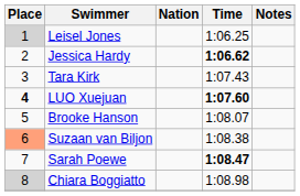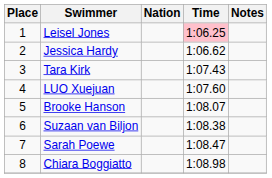 <table class="wikitable sortable" style="text-align:center">
 <tr>
 <th>Place</th>
 <th>Swimmer</th>
 <th>Nation</th>
 <th>Time</th>
 <th>Notes</th>
 </tr>
 <tr>
-<td style="background: lightgrey;">1</td>
+<td>1</td>
 <td align=left><a href='#'>Leisel Jones</a></td>
 <td align=left></td>
-<td>1:06.25</td>
+<td style="background: pink;">1:06.25</td>
 <td></td>
 </tr>
 <tr>
 <td>2</td>
 <td align=left><a href='#'>Jessica Hardy</a></td>
 <td align=left></td>
-<td><strong>1:06.62</strong></td>
+<td>1:06.62</td>
 <td></td>
 </tr>
 <tr>
 <td>3</td>
 <td align=left><a href='#'>Tara Kirk</a></td>
 <td align=left></td>
 <td>1:07.43</td>
 <td></td>
 </tr>
 <tr>
-<td><strong>4</strong></td>
+<td>4</td>
 <td align=left><a href='#'>LUO Xuejuan</a></td>
 <td align=left></td>
-<td><strong>1:07.60</strong></td>
+<td>1:07.60</td>
 <td></td>
 </tr>
 <tr>
 <td>5</td>
 <td align=left><a href='#'>Brooke Hanson</a></td>
 <td align=left></td>
 <td>1:08.07</td>
 <td></td>
 </tr>
 <tr>
-<td style="background: lightsalmon;">6</td>
+<td>6</td>
 <td align=left><a href='#'>Suzaan van Biljon</a></td>
 <td align=left></td>
 <td>1:08.38</td>
 <td></td>
 </tr>
 <tr>
 <td>7</td>
 <td align=left><a href='#'>Sarah Poewe</a></td>
 <td align=left></td>
-<td><strong>1:08.47</strong></td>
+<td>1:08.47</td>
 <td></td>
 </tr>
 <tr>
-<td style="background: lightgrey;">8</td>
+<td>8</td>
 <td align=left><a href='#'>Chiara Boggiatto</a></td>
 <td align=left></td>
 <td>1:08.98</td>
 <td></td>
 </tr>
 <tr>
 </tr>
 </table>
